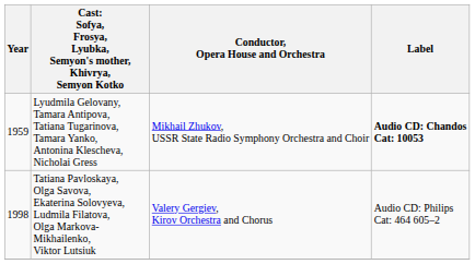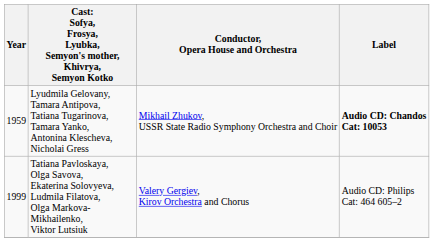 <table class="wikitable">
 <tr>
 <th>Year</th>
 <th width="170">Cast:<br>Sofya,<br>Frosya,<br>Lyubka,<br>Semyon's mother,<br>Khivrya,<br>Semyon Kotko</th>
 <th>Conductor,<br>Opera House and Orchestra</th>
 <th>Label</th>
 </tr>
 <tr>
 <td>1959</td>
 <td>Lyudmila Gelovany,<br>Tamara Antipova,<br>Tatiana Tugarinova,<br>Tamara Yanko,<br>Antonina Klescheva,<br>Nicholai Gress</td>
 <td><a href='#'>Mikhail Zhukov</a>,<br>USSR State Radio Symphony Orchestra and Choir</td>
 <td><strong>Audio CD: Chandos<br>Cat: 10053</strong></td>
 </tr>
 <tr>
-<td>1998</td>
+<td>1999</td>
 <td>Tatiana Pavloskaya,<br>Olga Savova,<br>Ekaterina Solovyeva,<br>Ludmila Filatova,<br>Olga Markova-Mikhailenko, <br>Viktor Lutsiuk</td>
 <td><a href='#'>Valery Gergiev</a>,<br><a href='#'>Kirov Orchestra</a> and Chorus</td>
 <td>Audio CD: Philips<br>Cat: 464 605–2</td>
 </tr>
 <tr>
 </tr>
 </table>
